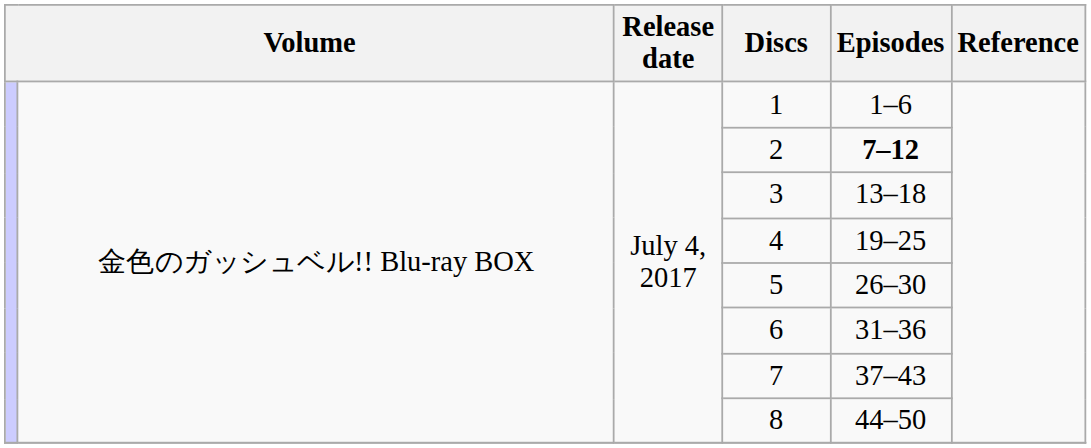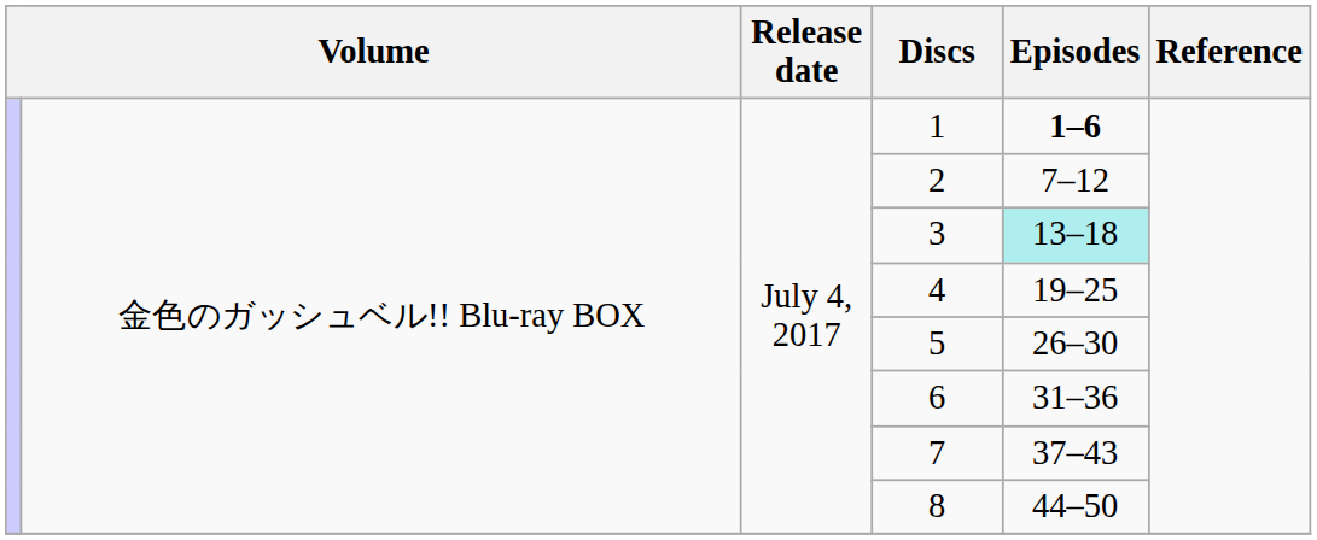 <table class="wikitable" style="text-align: center;">
 <tr>
 <th colspan="2">Volume</th>
 <th width="10%">Release date</th>
 <th width="10%">Discs</th>
 <th width="10%">Episodes</th>
 <th width="10%">Reference</th>
 </tr>
 <tr>
 <td rowspan="8" width="1%" style="background: #CCF;"></td>
 <td rowspan="8">金色のガッシュベル!! Blu-ray BOX</td>
 <td rowspan="8">July 4, 2017</td>
 <td>1</td>
-<td>1–6</td>
+<td><strong>1–6</strong></td>
 <td rowspan="8"></td>
 </tr>
 <tr>
 <td>2</td>
-<td><strong>7–12</strong></td>
+<td>7–12</td>
 </tr>
 <tr>
 <td>3</td>
-<td>13–18</td>
+<td style="background: paleturquoise;">13–18</td>
 </tr>
 <tr>
 <td>4</td>
 <td>19–25</td>
 </tr>
 <tr>
 <td>5</td>
 <td>26–30</td>
 </tr>
 <tr>
 <td>6</td>
 <td>31–36</td>
 </tr>
 <tr>
 <td>7</td>
 <td>37–43</td>
 </tr>
 <tr>
 <td>8</td>
 <td>44–50</td>
 </tr>
 <tr>
 </tr>
 </table>
